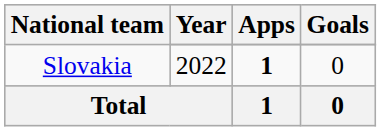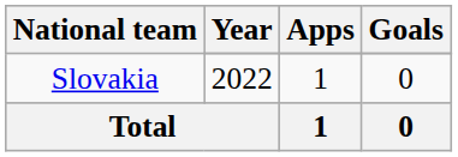 <table class="wikitable" style="text-align:center">
 <tr>
 <th>National team</th>
 <th>Year</th>
 <th>Apps</th>
 <th>Goals</th>
 </tr>
 <tr>
 <td rowspan=2><a href='#'>Slovakia</a></td>
 </tr>
 <tr>
 <td>2022</td>
-<td><strong>1</strong></td>
+<td>1</td>
 <td>0</td>
 </tr>
 <tr>
 <th colspan="2">Total</th>
 <th>1</th>
 <th>0</th>
 </tr>
 </table>
